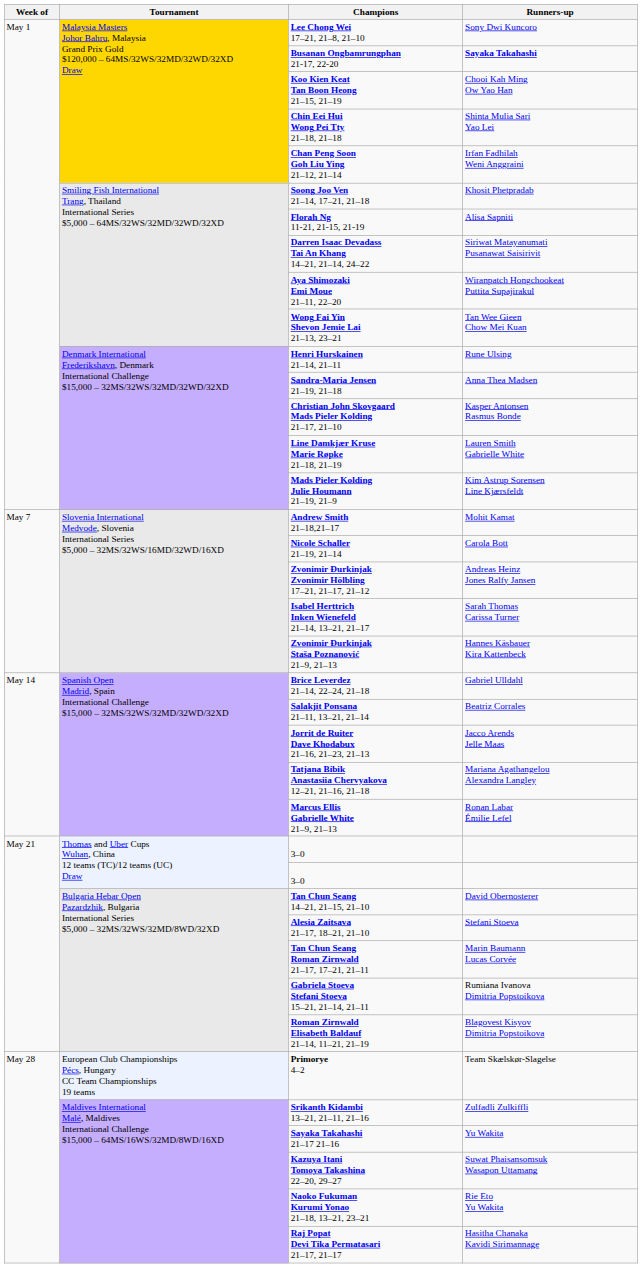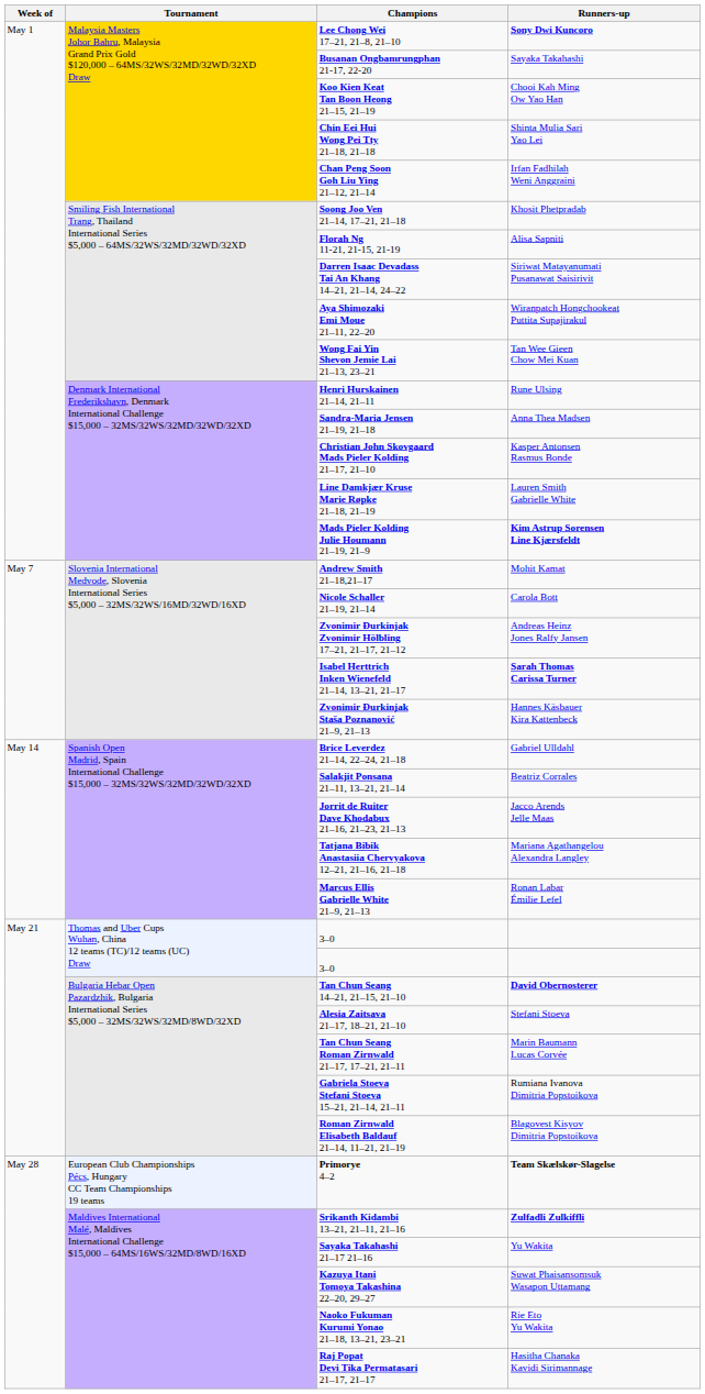 <table class=wikitable style=font-size:85%>
 <tr>
 <th width=75>Week of</th>
 <th width=330>Tournament</th>
 <th width=250>Champions</th>
 <th width=250>Runners-up</th>
 </tr>
 <tr valign=top>
 <td rowspan=15>May 1</td>
 <td style="background:#FFD700;" rowspan="5"><a href='#'>Malaysia Masters</a><br><a href='#'>Johor Bahru</a>, Malaysia<br>Grand Prix Gold<br>$120,000 – 64MS/32WS/32MD/32WD/32XD<br><a href='#'>Draw</a></td>
 <td> <strong><a href='#'>Lee Chong Wei</a></strong><br>17–21, 21–8, 21–10</td>
-<td> <a href='#'>Sony Dwi Kuncoro</a></td>
+<td><strong> <a href='#'>Sony Dwi Kuncoro</a></strong></td>
 </tr>
 <tr valign=top>
 <td> <strong><a href='#'>Busanan Ongbamrungphan</a></strong><br>21-17, 22-20</td>
-<td><strong> <a href='#'>Sayaka Takahashi</a></strong></td>
+<td> <a href='#'>Sayaka Takahashi</a></td>
 </tr>
 <tr valign=top>
 <td> <strong><a href='#'>Koo Kien Keat</a> <br> <a href='#'>Tan Boon Heong</a></strong><br>21–15, 21–19</td>
 <td> <a href='#'>Chooi Kah Ming</a> <br> <a href='#'>Ow Yao Han</a></td>
 </tr>
 <tr valign=top>
 <td> <strong><a href='#'>Chin Eei Hui</a><br> <a href='#'>Wong Pei Tty</a></strong><br>21–18, 21–18</td>
 <td> <a href='#'>Shinta Mulia Sari</a><br> <a href='#'>Yao Lei</a></td>
 </tr>
 <tr valign=top>
 <td> <strong><a href='#'>Chan Peng Soon</a><br> <a href='#'>Goh Liu Ying</a></strong><br>21–12, 21–14</td>
 <td> <a href='#'>Irfan Fadhilah</a><br> <a href='#'>Weni Anggraini</a></td>
 </tr>
 <tr valign=top>
 <td style="background:#E9E9E9;" rowspan="5"><a href='#'>Smiling Fish International</a><br><a href='#'>Trang</a>, Thailand<br>International Series<br>$5,000 – 64MS/32WS/32MD/32WD/32XD</td>
 <td> <strong><a href='#'>Soong Joo Ven</a></strong><br>21–14, 17–21, 21–18</td>
 <td> <a href='#'>Khosit Phetpradab</a></td>
 </tr>
 <tr valign=top>
 <td> <strong><a href='#'>Florah Ng</a></strong><br>11-21, 21-15, 21-19</td>
 <td> <a href='#'>Alisa Sapniti</a></td>
 </tr>
 <tr valign=top>
 <td> <strong><a href='#'>Darren Isaac Devadass</a><br> <a href='#'>Tai An Khang</a></strong><br>14–21, 21–14, 24–22</td>
 <td> <a href='#'>Siriwat Matayanumati</a> <br> <a href='#'>Pusanawat Saisirivit</a></td>
 </tr>
 <tr valign=top>
 <td> <strong><a href='#'>Aya Shimozaki</a><br> <a href='#'>Emi Moue</a></strong><br>21–11, 22–20</td>
 <td> <a href='#'>Wiranpatch Hongchookeat</a><br> <a href='#'>Puttita Supajirakul</a></td>
 </tr>
 <tr valign=top>
 <td> <strong><a href='#'>Wong Fai Yin</a><br> <a href='#'>Shevon Jemie Lai</a></strong><br>21–13, 23–21</td>
 <td> <a href='#'>Tan Wee Gieen</a><br> <a href='#'>Chow Mei Kuan</a></td>
 </tr>
 <tr valign=top>
 <td style="background:#C6AEFF;" rowspan="5"><a href='#'>Denmark International</a><br><a href='#'>Frederikshavn</a>, Denmark<br>International Challenge<br>$15,000 – 32MS/32WS/32MD/32WD/32XD</td>
 <td> <strong><a href='#'>Henri Hurskainen</a></strong><br>21–14, 21–11</td>
 <td> <a href='#'>Rune Ulsing</a></td>
 </tr>
 <tr valign=top>
 <td> <strong><a href='#'>Sandra-Maria Jensen</a></strong><br>21–19, 21–18</td>
 <td> <a href='#'>Anna Thea Madsen</a></td>
 </tr>
 <tr valign=top>
 <td> <strong><a href='#'>Christian John Skovgaard</a><br> <a href='#'>Mads Pieler Kolding</a></strong><br>21–17, 21–10</td>
 <td> <a href='#'>Kasper Antonsen</a> <br> <a href='#'>Rasmus Bonde</a></td>
 </tr>
 <tr valign=top>
 <td> <strong><a href='#'>Line Damkjær Kruse</a><br> <a href='#'>Marie Røpke</a></strong><br>21–18, 21–19</td>
 <td> <a href='#'>Lauren Smith</a><br> <a href='#'>Gabrielle White</a></td>
 </tr>
 <tr valign=top>
 <td> <strong><a href='#'>Mads Pieler Kolding</a><br> <a href='#'>Julie Houmann</a></strong><br>21–19, 21–9</td>
-<td> <a href='#'>Kim Astrup Sorensen</a><br> <a href='#'>Line Kjærsfeldt</a></td>
+<td><strong> <a href='#'>Kim Astrup Sorensen</a><br> <a href='#'>Line Kjærsfeldt</a></strong></td>
 </tr>
 <tr valign=top>
 <td rowspan=5>May 7</td>
 <td style="background:#E9E9E9;" rowspan="5"><a href='#'>Slovenia International</a><br><a href='#'>Medvode</a>, Slovenia<br>International Series<br>$5,000 – 32MS/32WS/16MD/32WD/16XD</td>
 <td> <strong><a href='#'>Andrew Smith</a></strong><br>21–18,21–17</td>
 <td> <a href='#'>Mohit Kamat</a></td>
 </tr>
 <tr valign=top>
 <td> <strong><a href='#'>Nicole Schaller</a></strong><br>21–19, 21–14</td>
 <td> <a href='#'>Carola Bott</a></td>
 </tr>
 <tr valign=top>
 <td> <strong><a href='#'>Zvonimir Đurkinjak</a><br> <a href='#'>Zvonimir Hölbling</a></strong><br>17–21, 21–17, 21–12</td>
 <td> <a href='#'>Andreas Heinz</a><br> <a href='#'>Jones Ralfy Jansen</a></td>
 </tr>
 <tr valign=top>
 <td> <strong><a href='#'>Isabel Herttrich</a><br> <a href='#'>Inken Wienefeld</a></strong><br>21–14, 13–21, 21–17</td>
-<td> <a href='#'>Sarah Thomas</a><br> <a href='#'>Carissa Turner</a></td>
+<td><strong> <a href='#'>Sarah Thomas</a><br> <a href='#'>Carissa Turner</a></strong></td>
 </tr>
 <tr valign=top>
 <td> <strong><a href='#'>Zvonimir Đurkinjak</a><br> <a href='#'>Staša Poznanović</a></strong><br>21–9, 21–13</td>
 <td> <a href='#'>Hannes Käsbauer</a><br> <a href='#'>Kira Kattenbeck</a></td>
 </tr>
 <tr valign=top>
 <td rowspan=5>May 14</td>
 <td style="background:#C6AEFF;" rowspan="5"><a href='#'>Spanish Open</a><br><a href='#'>Madrid</a>, Spain<br>International Challenge<br>$15,000 – 32MS/32WS/32MD/32WD/32XD</td>
 <td> <strong><a href='#'>Brice Leverdez</a></strong><br>21–14, 22–24, 21–18</td>
 <td> <a href='#'>Gabriel Ulldahl</a></td>
 </tr>
 <tr valign=top>
 <td> <strong><a href='#'>Salakjit Ponsana</a></strong><br>21–11, 13–21, 21–14</td>
 <td> <a href='#'>Beatriz Corrales</a></td>
 </tr>
 <tr valign=top>
 <td> <strong><a href='#'>Jorrit de Ruiter</a><br> <a href='#'>Dave Khodabux</a></strong><br>21–16, 21–23, 21–13</td>
 <td> <a href='#'>Jacco Arends</a><br> <a href='#'>Jelle Maas</a></td>
 </tr>
 <tr valign=top>
 <td> <strong><a href='#'>Tatjana Bibik</a><br> <a href='#'>Anastasiia Chervyakova</a></strong><br>12–21, 21–16, 21–18</td>
 <td> <a href='#'>Mariana Agathangelou</a><br> <a href='#'>Alexandra Langley</a></td>
 </tr>
 <tr valign=top>
 <td> <strong><a href='#'>Marcus Ellis</a><br> <a href='#'>Gabrielle White</a></strong><br>21–9, 21–13</td>
 <td> <a href='#'>Ronan Labar</a><br> <a href='#'>Émilie Lefel</a></td>
 </tr>
 <tr valign=top>
 <td rowspan=7>May 21</td>
 <td style="background:#ECF2FF;" rowspan="2"><a href='#'>Thomas</a> and <a href='#'>Uber</a> Cups<br><a href='#'>Wuhan</a>, China<br>12 teams (TC)/12 teams (UC)<br><a href='#'>Draw</a></td>
 <td><br>3–0</td>
 <td></td>
 </tr>
 <tr valign=top>
 <td><br>3–0</td>
 <td></td>
 </tr>
 <tr valign=top>
 <td style="background:#E9E9E9;" rowspan="5"><a href='#'>Bulgaria Hebar Open</a><br><a href='#'>Pazardzhik</a>, Bulgaria<br>International Series<br>$5,000 – 32MS/32WS/32MD/8WD/32XD</td>
 <td> <strong><a href='#'>Tan Chun Seang</a></strong><br>14–21, 21–15, 21–10</td>
-<td> <a href='#'>David Obernosterer</a></td>
+<td><strong> <a href='#'>David Obernosterer</a></strong></td>
 </tr>
 <tr valign=top>
 <td> <strong><a href='#'>Alesia Zaitsava</a></strong><br>21–17, 18–21, 21–10</td>
 <td> <a href='#'>Stefani Stoeva</a></td>
 </tr>
 <tr valign=top>
 <td> <strong><a href='#'>Tan Chun Seang</a><br> <a href='#'>Roman Zirnwald</a></strong><br>21–17, 17–21, 21–11</td>
 <td> <a href='#'>Marin Baumann</a><br> <a href='#'>Lucas Corvée</a></td>
 </tr>
 <tr valign=top>
 <td> <strong><a href='#'>Gabriela Stoeva</a><br> <a href='#'>Stefani Stoeva</a></strong><br>15–21, 21–14, 21–11</td>
 <td> Rumiana Ivanova<br> <a href='#'>Dimitria Popstoikova</a></td>
 </tr>
 <tr valign=top>
 <td> <strong><a href='#'>Roman Zirnwald</a><br> <a href='#'>Elisabeth Baldauf</a></strong><br>21–14, 11–21, 21–19</td>
 <td> <a href='#'>Blagovest Kisyov</a><br> <a href='#'>Dimitria Popstoikova</a></td>
 </tr>
 <tr valign=top>
 <td rowspan=6>May 28</td>
 <td style="background:#ECF2FF;">European Club Championships<br><a href='#'>Pécs</a>, Hungary<br>CC Team Championships<br>19 teams</td>
 <td> <strong>Primorye</strong><br>4–2</td>
-<td> Team Skælskør-Slagelse</td>
+<td><strong> Team Skælskør-Slagelse</strong></td>
 </tr>
 <tr valign=top>
 <td style="background:#C6AEFF;" rowspan="5"><a href='#'>Maldives International</a><br><a href='#'>Malé</a>, Maldives<br>International Challenge<br>$15,000 – 64MS/16WS/32MD/8WD/16XD</td>
 <td> <strong><a href='#'>Srikanth Kidambi</a></strong><br>13–21, 21–11, 21–16</td>
-<td> <a href='#'>Zulfadli Zulkiffli</a></td>
+<td><strong> <a href='#'>Zulfadli Zulkiffli</a></strong></td>
 </tr>
 <tr valign=top>
 <td> <strong><a href='#'>Sayaka Takahashi</a></strong><br>21–17 21–16</td>
 <td> <a href='#'>Yu Wakita</a></td>
 </tr>
 <tr valign=top>
 <td> <strong><a href='#'>Kazuya Itani</a><br> <a href='#'>Tomoya Takashina</a></strong><br>22–20, 29–27</td>
 <td> <a href='#'>Suwat Phaisansomsuk</a><br> <a href='#'>Wasapon Uttamang</a></td>
 </tr>
 <tr valign=top>
 <td> <strong><a href='#'>Naoko Fukuman</a><br> <a href='#'>Kurumi Yonao</a></strong><br>21–18, 13–21, 23–21</td>
 <td> <a href='#'>Rie Eto</a><br> <a href='#'>Yu Wakita</a></td>
 </tr>
 <tr valign=top>
 <td> <strong><a href='#'>Raj Popat</a><br> <a href='#'>Devi Tika Permatasari</a></strong><br>21–17, 21–17</td>
 <td> <a href='#'>Hasitha Chanaka</a><br> <a href='#'>Kavidi Sirimannage</a></td>
 </tr>
 </table>
